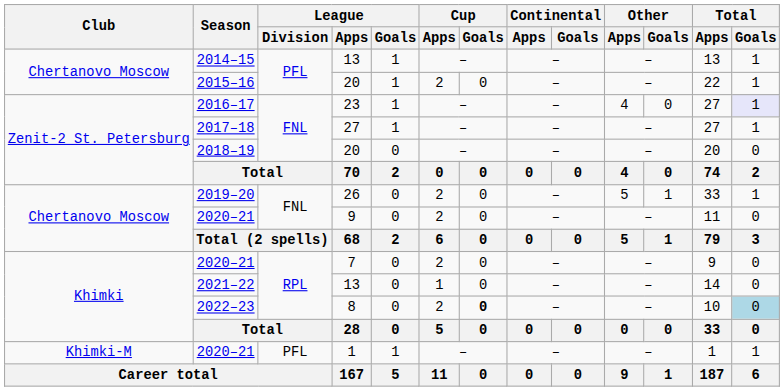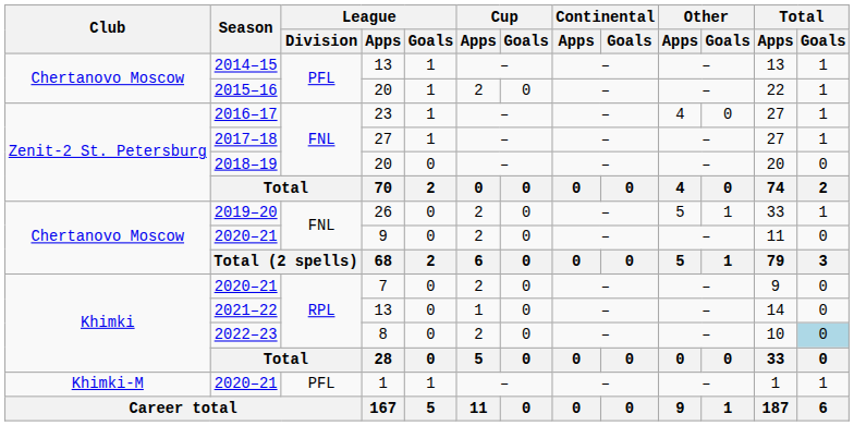 <table class="wikitable" style="text-align: center;">
 <tr>
 <th rowspan=2>Club</th>
 <th rowspan=2>Season</th>
 <th colspan=3>League</th>
 <th colspan=2>Cup</th>
 <th colspan=2>Continental</th>
 <th colspan=2>Other</th>
 <th colspan=2>Total</th>
 </tr>
 <tr>
 <th>Division</th>
 <th>Apps</th>
 <th>Goals</th>
 <th>Apps</th>
 <th>Goals</th>
 <th>Apps</th>
 <th>Goals</th>
 <th>Apps</th>
 <th>Goals</th>
 <th>Apps</th>
 <th>Goals</th>
 </tr>
 <tr>
 <td rowspan="2"><a href='#'>Chertanovo Moscow</a></td>
 <td><a href='#'>2014–15</a></td>
 <td rowspan="2"><a href='#'>PFL</a></td>
 <td>13</td>
 <td>1</td>
 <td colspan=2>–</td>
 <td colspan=2>–</td>
 <td colspan=2>–</td>
 <td>13</td>
 <td>1</td>
 </tr>
 <tr>
 <td><a href='#'>2015–16</a></td>
 <td>20</td>
 <td>1</td>
 <td>2</td>
 <td>0</td>
 <td colspan=2>–</td>
 <td colspan=2>–</td>
 <td>22</td>
 <td>1</td>
 </tr>
 <tr>
 <td rowspan="4"><a href='#'>Zenit-2 St. Petersburg</a></td>
 <td><a href='#'>2016–17</a></td>
 <td rowspan="3"><a href='#'>FNL</a></td>
 <td>23</td>
 <td>1</td>
 <td colspan=2>–</td>
 <td colspan=2>–</td>
 <td>4</td>
 <td>0</td>
 <td>27</td>
-<td style="background: lavender;">1</td>
+<td>1</td>
 </tr>
 <tr>
 <td><a href='#'>2017–18</a></td>
 <td>27</td>
 <td>1</td>
 <td colspan=2>–</td>
 <td colspan=2>–</td>
 <td colspan=2>–</td>
 <td>27</td>
 <td>1</td>
 </tr>
 <tr>
 <td><a href='#'>2018–19</a></td>
 <td>20</td>
 <td>0</td>
 <td colspan=2>–</td>
 <td colspan=2>–</td>
 <td colspan=2>–</td>
 <td>20</td>
 <td>0</td>
 </tr>
 <tr>
 <th colspan=2>Total</th>
 <th>70</th>
 <th>2</th>
 <th>0</th>
 <th>0</th>
 <th>0</th>
 <th>0</th>
 <th>4</th>
 <th>0</th>
 <th>74</th>
 <th>2</th>
 </tr>
 <tr>
 <td rowspan="3"><a href='#'>Chertanovo Moscow</a></td>
 <td><a href='#'>2019–20</a></td>
 <td rowspan="2">FNL</td>
 <td>26</td>
 <td>0</td>
 <td>2</td>
 <td>0</td>
 <td colspan=2>–</td>
 <td>5</td>
 <td>1</td>
 <td>33</td>
 <td>1</td>
 </tr>
 <tr>
 <td><a href='#'>2020–21</a></td>
 <td>9</td>
 <td>0</td>
 <td>2</td>
 <td>0</td>
 <td colspan=2>–</td>
 <td colspan=2>–</td>
 <td>11</td>
 <td>0</td>
 </tr>
 <tr>
 <th colspan=2>Total (2 spells)</th>
 <th>68</th>
 <th>2</th>
 <th>6</th>
 <th>0</th>
 <th>0</th>
 <th>0</th>
 <th>5</th>
 <th>1</th>
 <th>79</th>
 <th>3</th>
 </tr>
 <tr>
 <td rowspan="4"><a href='#'>Khimki</a></td>
 <td><a href='#'>2020–21</a></td>
 <td rowspan="3"><a href='#'>RPL</a></td>
 <td>7</td>
 <td>0</td>
 <td>2</td>
 <td>0</td>
 <td colspan=2>–</td>
 <td colspan=2>–</td>
 <td>9</td>
 <td>0</td>
 </tr>
 <tr>
 <td><a href='#'>2021–22</a></td>
 <td>13</td>
 <td>0</td>
 <td>1</td>
 <td>0</td>
 <td colspan=2>–</td>
 <td colspan=2>–</td>
 <td>14</td>
 <td>0</td>
 </tr>
 <tr>
 <td><a href='#'>2022–23</a></td>
 <td>8</td>
 <td>0</td>
 <td>2</td>
-<td><strong>0</strong></td>
+<td>0</td>
 <td colspan=2>–</td>
 <td colspan=2>–</td>
 <td>10</td>
 <td style="background: lightblue;">0</td>
 </tr>
 <tr>
 <th colspan=2>Total</th>
 <th>28</th>
 <th>0</th>
 <th>5</th>
 <th>0</th>
 <th>0</th>
 <th>0</th>
 <th>0</th>
 <th>0</th>
 <th>33</th>
 <th>0</th>
 </tr>
 <tr>
 <td><a href='#'>Khimki-M</a></td>
 <td><a href='#'>2020–21</a></td>
 <td>PFL</td>
 <td>1</td>
 <td>1</td>
 <td colspan=2>–</td>
 <td colspan=2>–</td>
 <td colspan=2>–</td>
 <td>1</td>
 <td>1</td>
 </tr>
 <tr>
 <th colspan=3>Career total</th>
 <th>167</th>
 <th>5</th>
 <th>11</th>
 <th>0</th>
 <th>0</th>
 <th>0</th>
 <th>9</th>
 <th>1</th>
 <th>187</th>
 <th>6</th>
 </tr>
 </table>
